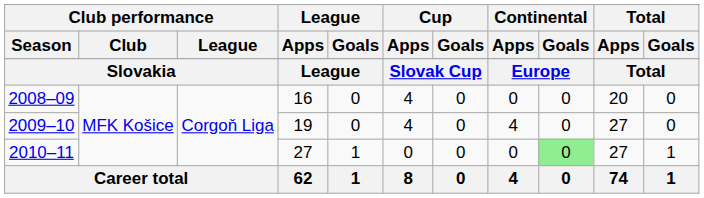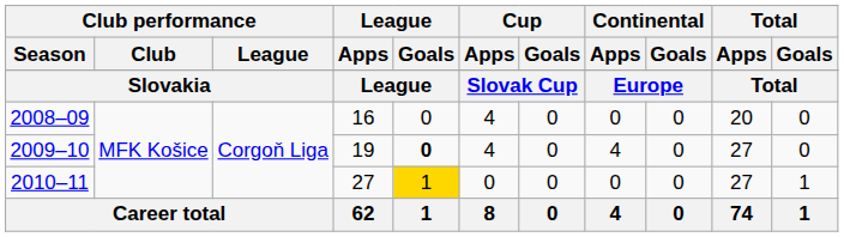 <table class="wikitable" style="text-align:center">
 <tr>
 <th colspan=3>Club performance</th>
 <th colspan=2>League</th>
 <th colspan=2>Cup</th>
 <th colspan=2>Continental</th>
 <th colspan=2>Total</th>
 </tr>
 <tr>
 <th>Season</th>
 <th>Club</th>
 <th>League</th>
 <th>Apps</th>
 <th>Goals</th>
 <th>Apps</th>
 <th>Goals</th>
 <th>Apps</th>
 <th>Goals</th>
 <th>Apps</th>
 <th>Goals</th>
 </tr>
 <tr>
 </tr>
 <tr>
 <th colspan=3>Slovakia</th>
 <th colspan=2>League</th>
 <th colspan=2><a href='#'>Slovak Cup</a></th>
 <th colspan=2><a href='#'>Europe</a></th>
 <th colspan=2>Total</th>
 </tr>
 <tr>
 <td><a href='#'>2008–09</a></td>
 <td rowspan="3"><a href='#'>MFK Košice</a></td>
 <td rowspan="3"><a href='#'>Corgoň Liga</a></td>
 <td>16</td>
 <td>0</td>
 <td>4</td>
 <td>0</td>
 <td>0</td>
 <td>0</td>
 <td>20</td>
 <td>0</td>
 </tr>
 <tr>
 <td><a href='#'>2009–10</a></td>
 <td>19</td>
-<td>0</td>
+<td><strong>0</strong></td>
 <td>4</td>
 <td>0</td>
 <td>4</td>
 <td>0</td>
 <td>27</td>
 <td>0</td>
 </tr>
 <tr>
 <td><a href='#'>2010–11</a></td>
 <td>27</td>
-<td>1</td>
+<td style="background: gold;">1</td>
 <td>0</td>
 <td>0</td>
 <td>0</td>
-<td style="background: lightgreen;">0</td>
+<td>0</td>
 <td>27</td>
 <td>1</td>
 </tr>
 <tr>
 <th colspan=3>Career total</th>
 <th>62</th>
 <th>1</th>
 <th>8</th>
 <th>0</th>
 <th>4</th>
 <th>0</th>
 <th>74</th>
 <th>1</th>
 </tr>
 </table>
